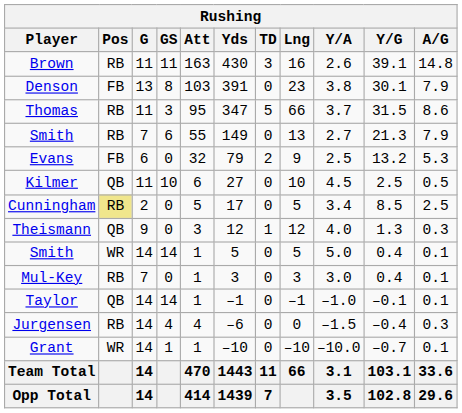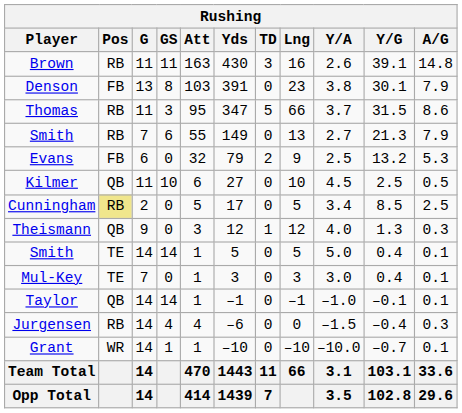 <table class="wikitable" style="text-align:center">
 <tr>
 <th colspan="11">Rushing</th>
 </tr>
 <tr>
 <th>Player</th>
 <th>Pos</th>
 <th>G</th>
 <th>GS</th>
 <th>Att</th>
 <th>Yds</th>
 <th>TD</th>
 <th>Lng</th>
 <th>Y/A</th>
 <th>Y/G</th>
 <th>A/G</th>
 </tr>
 <tr>
 <td><a href='#'>Brown</a></td>
 <td>RB</td>
 <td>11</td>
 <td>11</td>
 <td>163</td>
 <td>430</td>
 <td>3</td>
 <td>16</td>
 <td>2.6</td>
 <td>39.1</td>
 <td>14.8</td>
 </tr>
 <tr>
 <td><a href='#'>Denson</a></td>
 <td>FB</td>
 <td>13</td>
 <td>8</td>
 <td>103</td>
 <td>391</td>
 <td>0</td>
 <td>23</td>
 <td>3.8</td>
 <td>30.1</td>
 <td>7.9</td>
 </tr>
 <tr>
 <td><a href='#'>Thomas</a></td>
 <td>RB</td>
 <td>11</td>
 <td>3</td>
 <td>95</td>
 <td>347</td>
 <td>5</td>
 <td>66</td>
 <td>3.7</td>
 <td>31.5</td>
 <td>8.6</td>
 </tr>
 <tr>
 <td><a href='#'>Smith</a></td>
 <td>RB</td>
 <td>7</td>
 <td>6</td>
 <td>55</td>
 <td>149</td>
 <td>0</td>
 <td>13</td>
 <td>2.7</td>
 <td>21.3</td>
 <td>7.9</td>
 </tr>
 <tr>
 <td><a href='#'>Evans</a></td>
 <td>FB</td>
 <td>6</td>
 <td>0</td>
 <td>32</td>
 <td>79</td>
 <td>2</td>
 <td>9</td>
 <td>2.5</td>
 <td>13.2</td>
 <td>5.3</td>
 </tr>
 <tr>
 <td><a href='#'>Kilmer</a></td>
 <td>QB</td>
 <td>11</td>
 <td>10</td>
 <td>6</td>
 <td>27</td>
 <td>0</td>
 <td>10</td>
 <td>4.5</td>
 <td>2.5</td>
 <td>0.5</td>
 </tr>
 <tr>
 <td><a href='#'>Cunningham</a></td>
 <td style="background: khaki;">RB</td>
 <td>2</td>
 <td>0</td>
 <td>5</td>
 <td>17</td>
 <td>0</td>
 <td>5</td>
 <td>3.4</td>
 <td>8.5</td>
 <td>2.5</td>
 </tr>
 <tr>
 <td><a href='#'>Theismann</a></td>
 <td>QB</td>
 <td>9</td>
 <td>0</td>
 <td>3</td>
 <td>12</td>
 <td>1</td>
 <td>12</td>
 <td>4.0</td>
 <td>1.3</td>
 <td>0.3</td>
 </tr>
 <tr>
 <td><a href='#'>Smith</a></td>
-<td>WR</td>
+<td>TE</td>
 <td>14</td>
 <td>14</td>
 <td>1</td>
 <td>5</td>
 <td>0</td>
 <td>5</td>
 <td>5.0</td>
 <td>0.4</td>
 <td>0.1</td>
 </tr>
 <tr>
 <td><a href='#'>Mul-Key</a></td>
-<td>RB</td>
+<td>TE</td>
 <td>7</td>
 <td>0</td>
 <td>1</td>
 <td>3</td>
 <td>0</td>
 <td>3</td>
 <td>3.0</td>
 <td>0.4</td>
 <td>0.1</td>
 </tr>
 <tr>
 <td><a href='#'>Taylor</a></td>
 <td>QB</td>
 <td>14</td>
 <td>14</td>
 <td>1</td>
 <td>–1</td>
 <td>0</td>
 <td>–1</td>
 <td>–1.0</td>
 <td>–0.1</td>
 <td>0.1</td>
 </tr>
 <tr>
 <td><a href='#'>Jurgensen</a></td>
 <td>RB</td>
 <td>14</td>
 <td>4</td>
 <td>4</td>
 <td>–6</td>
 <td>0</td>
 <td>0</td>
 <td>–1.5</td>
 <td>–0.4</td>
 <td>0.3</td>
 </tr>
 <tr>
 <td><a href='#'>Grant</a></td>
 <td>WR</td>
 <td>14</td>
 <td>1</td>
 <td>1</td>
 <td>–10</td>
 <td>0</td>
 <td>–10</td>
 <td>–10.0</td>
 <td>–0.7</td>
 <td>0.1</td>
 </tr>
 <tr>
 <th>Team Total</th>
 <th></th>
 <th>14</th>
 <th></th>
 <th>470</th>
 <th>1443</th>
 <th>11</th>
 <th>66</th>
 <th>3.1</th>
 <th>103.1</th>
 <th>33.6</th>
 </tr>
 <tr>
 <th>Opp Total</th>
 <th></th>
 <th>14</th>
 <th></th>
 <th>414</th>
 <th>1439</th>
 <th>7</th>
 <th></th>
 <th>3.5</th>
 <th>102.8</th>
 <th>29.6</th>
 </tr>
 </table>
